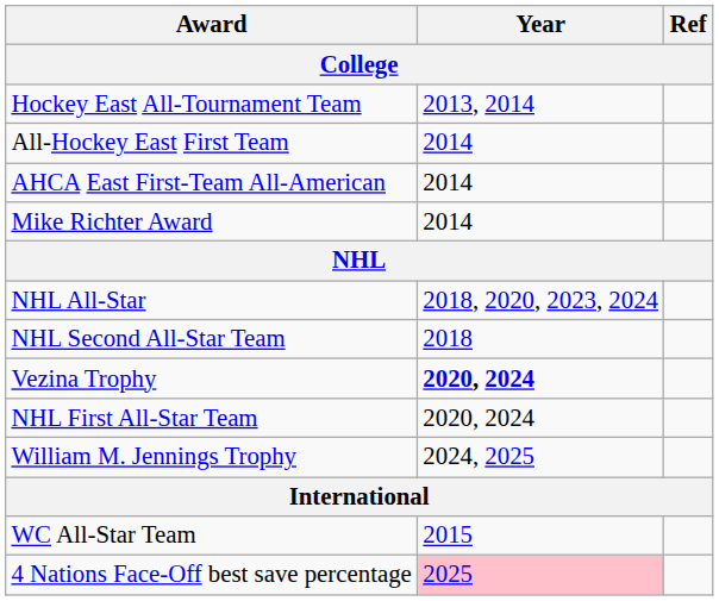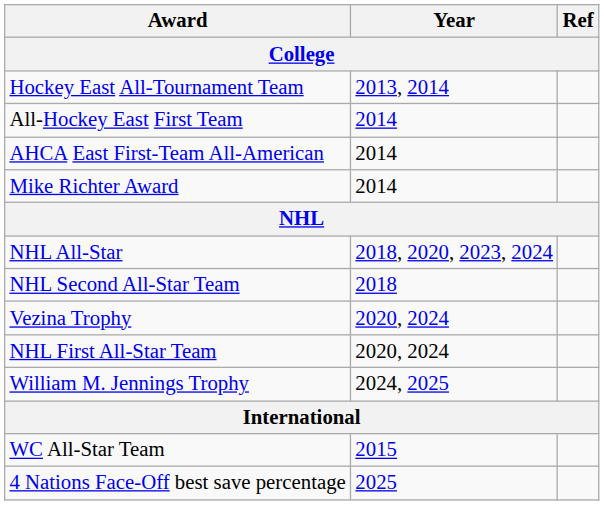 <table class="wikitable">
 <tr>
 <th>Award</th>
 <th>Year</th>
 <th>Ref</th>
 </tr>
 <tr>
 <th colspan="3"><a href='#'>College</a></th>
 </tr>
 <tr>
 <td><a href='#'>Hockey East</a> <a href='#'>All-Tournament Team</a></td>
 <td><a href='#'>2013</a>, <a href='#'>2014</a></td>
 <td></td>
 </tr>
 <tr>
 <td>All-<a href='#'>Hockey East</a> <a href='#'>First Team</a></td>
 <td><a href='#'>2014</a></td>
 <td></td>
 </tr>
 <tr>
 <td><a href='#'>AHCA</a> <a href='#'>East First-Team All-American</a></td>
 <td>2014</td>
 <td></td>
 </tr>
 <tr>
 <td><a href='#'>Mike Richter Award</a></td>
 <td>2014</td>
 <td></td>
 </tr>
 <tr>
 <th colspan="3"><a href='#'>NHL</a></th>
 </tr>
 <tr>
 <td><a href='#'>NHL All-Star</a></td>
 <td><a href='#'>2018</a>, <a href='#'>2020</a>, <a href='#'>2023</a>, <a href='#'>2024</a></td>
 <td></td>
 </tr>
 <tr>
 <td><a href='#'>NHL Second All-Star Team</a></td>
 <td><a href='#'>2018</a></td>
 <td></td>
 </tr>
 <tr>
 <td><a href='#'>Vezina Trophy</a></td>
-<td><strong><a href='#'>2020</a>, <a href='#'>2024</a></strong></td>
+<td><a href='#'>2020</a>, <a href='#'>2024</a></td>
 <td></td>
 </tr>
 <tr>
 <td><a href='#'>NHL First All-Star Team</a></td>
 <td>2020, 2024</td>
 <td></td>
 </tr>
 <tr>
 <td><a href='#'>William M. Jennings Trophy</a></td>
 <td>2024, <a href='#'>2025</a></td>
 <td></td>
 </tr>
 <tr>
 <th colspan="3">International</th>
 </tr>
 <tr>
 <td><a href='#'>WC</a> All-Star Team</td>
 <td><a href='#'>2015</a></td>
 <td></td>
 </tr>
 <tr>
 <td><a href='#'>4 Nations Face-Off</a> best save percentage</td>
-<td style="background: pink;"><a href='#'>2025</a></td>
+<td><a href='#'>2025</a></td>
 <td></td>
 </tr>
 </table>
